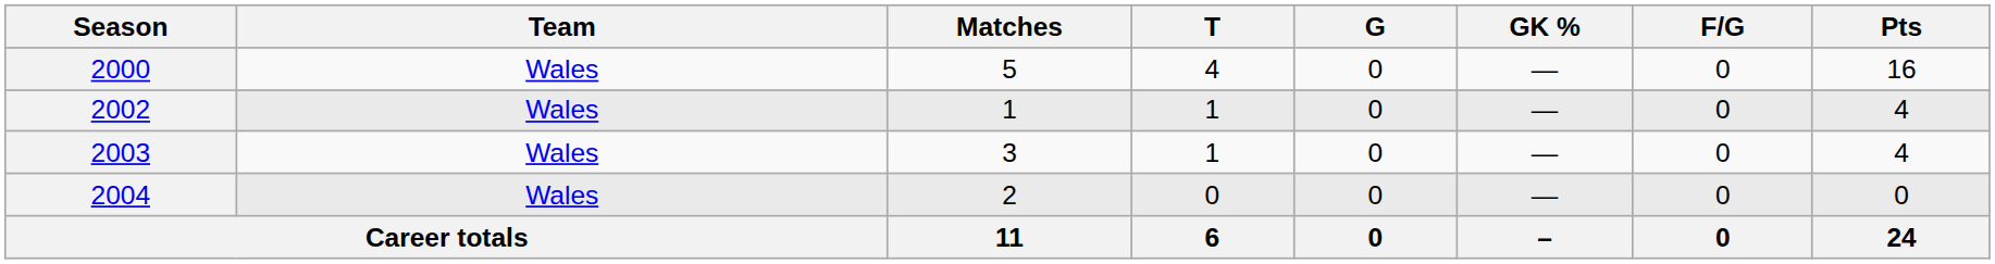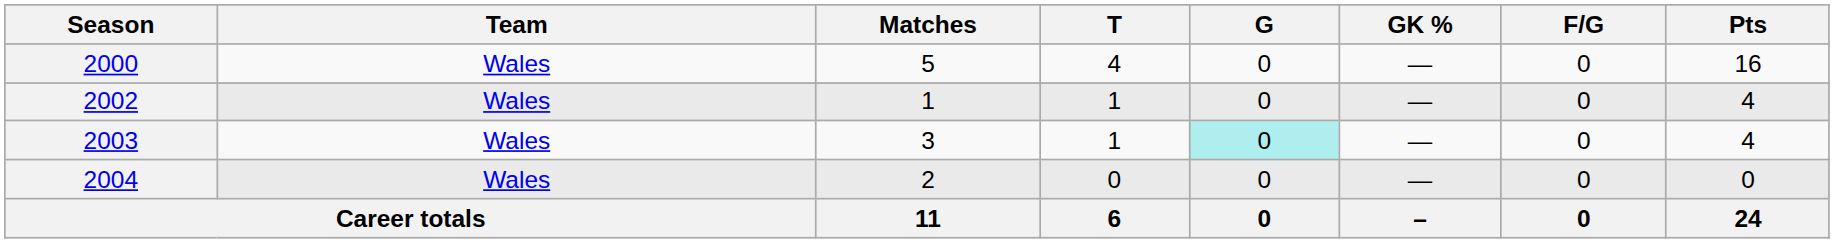 <table class="wikitable sortable"  style="font-size:90%; text-align:center; width:85%;">
 <tr>
 <th width=2%>Season</th>
 <th width=8%>Team</th>
 <th width=2%>Matches</th>
 <th width=2%>T</th>
 <th width=2%>G</th>
 <th width=2%>GK %</th>
 <th width=2%>F/G</th>
 <th width=2%>Pts</th>
 </tr>
 <tr>
 <th scope="row" style="text-align:center; font-weight:normal"><a href='#'>2000</a></th>
 <td style="text-align:center;"> <a href='#'>Wales</a></td>
 <td>5</td>
 <td>4</td>
 <td>0</td>
 <td>—</td>
 <td>0</td>
 <td>16</td>
 </tr>
 <tr style="background-color: #EAEAEA">
 <th scope="row" style="text-align:center; font-weight:normal"><a href='#'>2002</a></th>
 <td style="text-align:center;"> <a href='#'>Wales</a></td>
 <td>1</td>
 <td>1</td>
 <td>0</td>
 <td>—</td>
 <td>0</td>
 <td>4</td>
 </tr>
 <tr>
 <th scope="row" style="text-align:center; font-weight:normal"><a href='#'>2003</a></th>
 <td style="text-align:center;"> <a href='#'>Wales</a></td>
 <td>3</td>
 <td>1</td>
-<td>0</td>
+<td style="background: paleturquoise;">0</td>
 <td>—</td>
 <td>0</td>
 <td>4</td>
 </tr>
 <tr style="background-color: #EAEAEA">
 <th scope="row" style="text-align:center; font-weight:normal"><a href='#'>2004</a></th>
 <td style="text-align:center;"> <a href='#'>Wales</a></td>
 <td>2</td>
 <td>0</td>
 <td>0</td>
 <td>—</td>
 <td>0</td>
 <td>0</td>
 </tr>
 <tr class="sortbottom">
 <th colspan=2>Career totals</th>
 <th>11</th>
 <th>6</th>
 <th>0</th>
 <th>–</th>
 <th>0</th>
 <th>24</th>
 </tr>
 </table>
